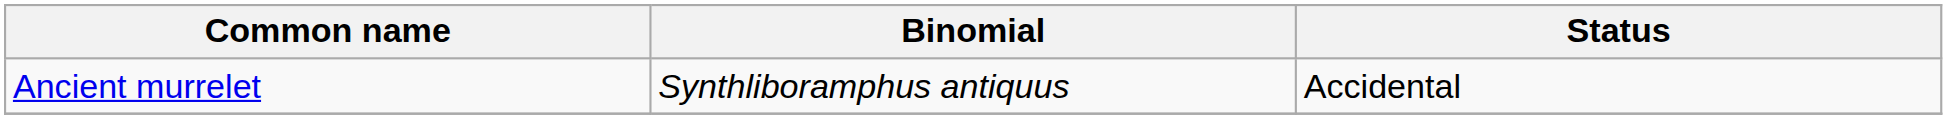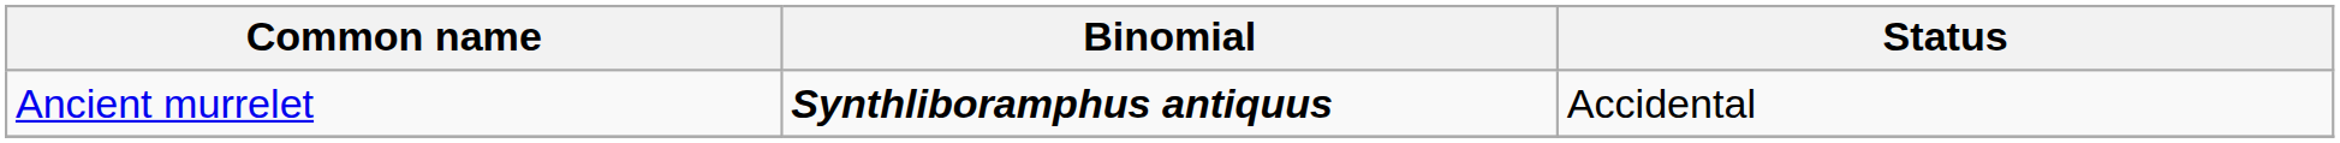 <table width=72% class="wikitable">
 <tr>
 <th width=24%>Common name</th>
 <th width=24%>Binomial</th>
 <th width=24%>Status</th>
 </tr>
 <tr>
 <td><a href='#'>Ancient murrelet</a></td>
-<td><em>Synthliboramphus antiquus</em></td>
+<td><strong><em>Synthliboramphus antiquus</em></strong></td>
 <td>Accidental</td>
 </tr>
 <tr>
 </tr>
 </table>
